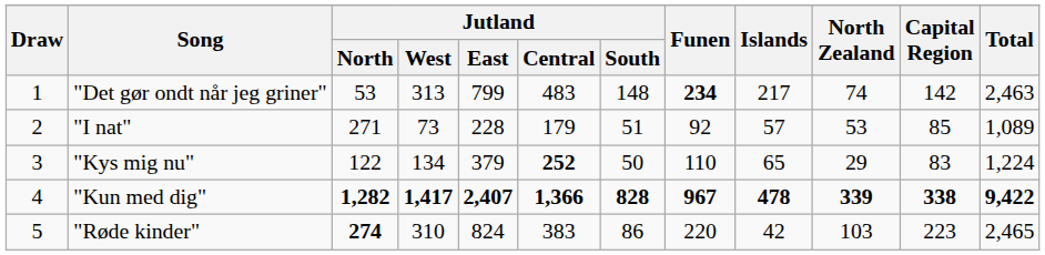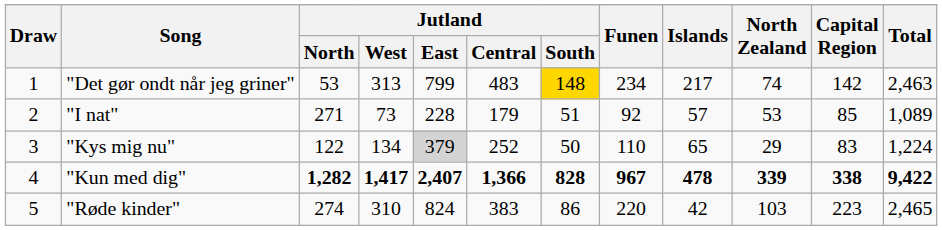 <table class="wikitable" style="margin: 1em auto 1em auto; text-align:center;">
 <tr>
 </tr>
 <tr>
 <th rowspan="2">Draw</th>
 <th rowspan="2">Song</th>
 <th colspan="5">Jutland</th>
 <th rowspan="2">Funen</th>
 <th rowspan="2">Islands</th>
 <th rowspan="2">North<br>Zealand</th>
 <th rowspan="2">Capital<br>Region</th>
 <th rowspan="2">Total</th>
 </tr>
 <tr>
 <th>North</th>
 <th>West</th>
 <th>East</th>
 <th>Central</th>
 <th>South</th>
 </tr>
 <tr>
 <td>1</td>
 <td align="left">"Det gør ondt når jeg griner"</td>
 <td>53</td>
 <td>313</td>
 <td>799</td>
 <td>483</td>
-<td>148</td>
-<td><strong>234</strong></td>
+<td style="background: gold;">148</td>
+<td>234</td>
 <td>217</td>
 <td>74</td>
 <td>142</td>
 <td>2,463</td>
 </tr>
 <tr>
 <td>2</td>
 <td align="left">"I nat"</td>
 <td>271</td>
 <td>73</td>
 <td>228</td>
 <td>179</td>
 <td>51</td>
 <td>92</td>
 <td>57</td>
 <td>53</td>
 <td>85</td>
 <td>1,089</td>
 </tr>
 <tr>
 <td>3</td>
 <td align="left">"Kys mig nu"</td>
 <td>122</td>
 <td>134</td>
-<td>379</td>
-<td><strong>252</strong></td>
+<td style="background: lightgrey;">379</td>
+<td>252</td>
 <td>50</td>
 <td>110</td>
 <td>65</td>
 <td>29</td>
 <td>83</td>
 <td>1,224</td>
 </tr>
 <tr>
 <td>4</td>
 <td align="left">"Kun med dig"</td>
 <td><strong>1,282</strong></td>
 <td><strong>1,417</strong></td>
 <td><strong>2,407</strong></td>
 <td><strong>1,366</strong></td>
 <td><strong>828</strong></td>
 <td><strong>967</strong></td>
 <td><strong>478</strong></td>
 <td><strong>339</strong></td>
 <td><strong>338</strong></td>
 <td><strong>9,422</strong></td>
 </tr>
 <tr>
 <td>5</td>
 <td align="left">"Røde kinder"</td>
-<td><strong>274</strong></td>
+<td>274</td>
 <td>310</td>
 <td>824</td>
 <td>383</td>
 <td>86</td>
 <td>220</td>
 <td>42</td>
 <td>103</td>
 <td>223</td>
 <td>2,465</td>
 </tr>
 </table>
